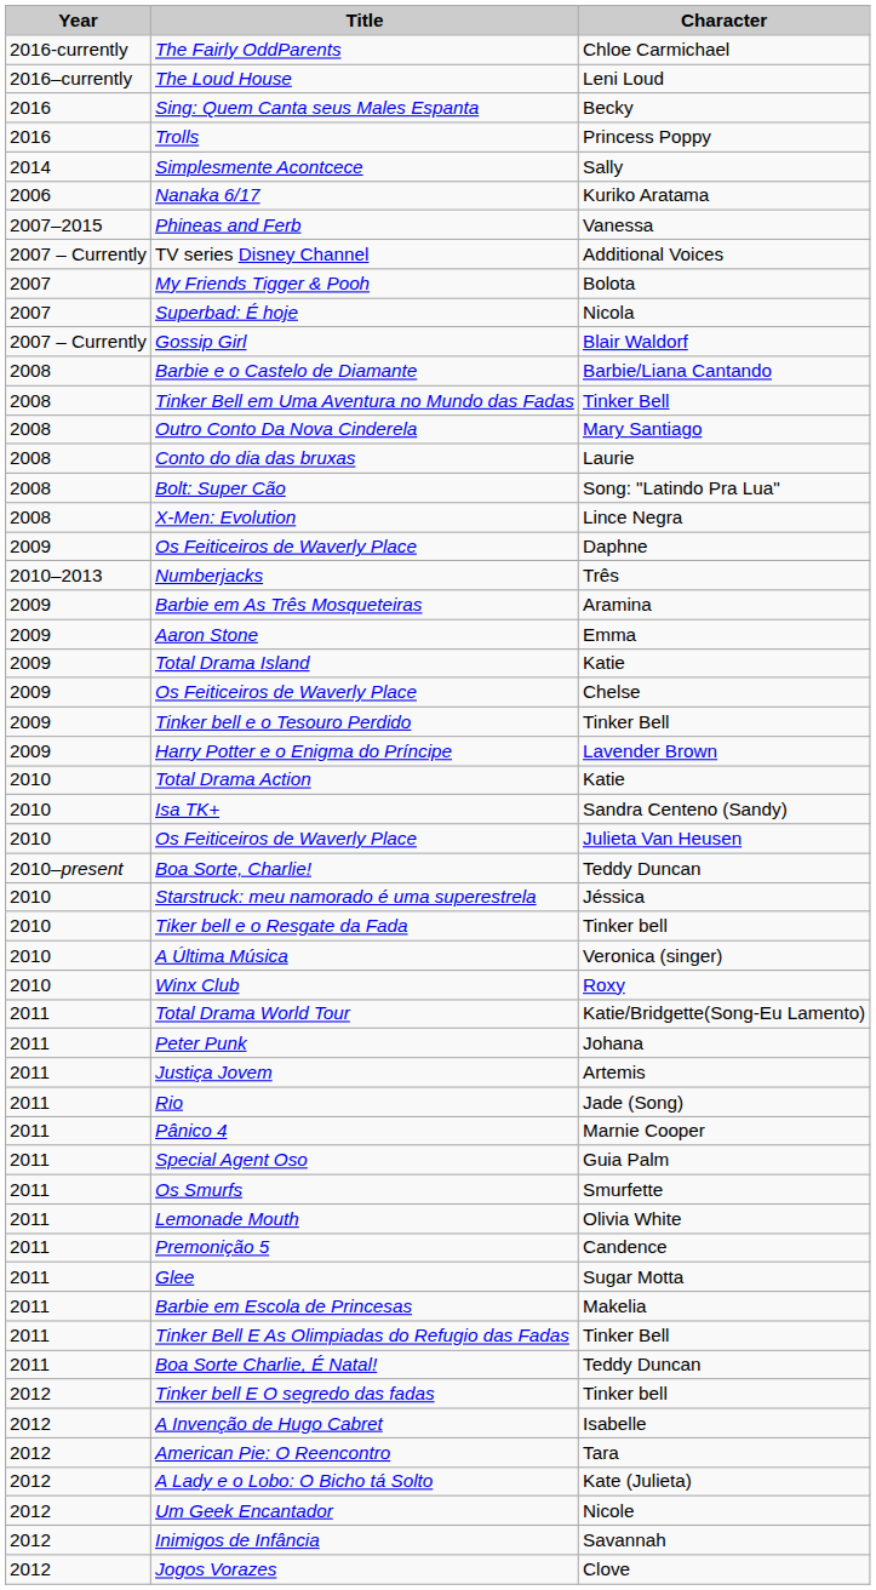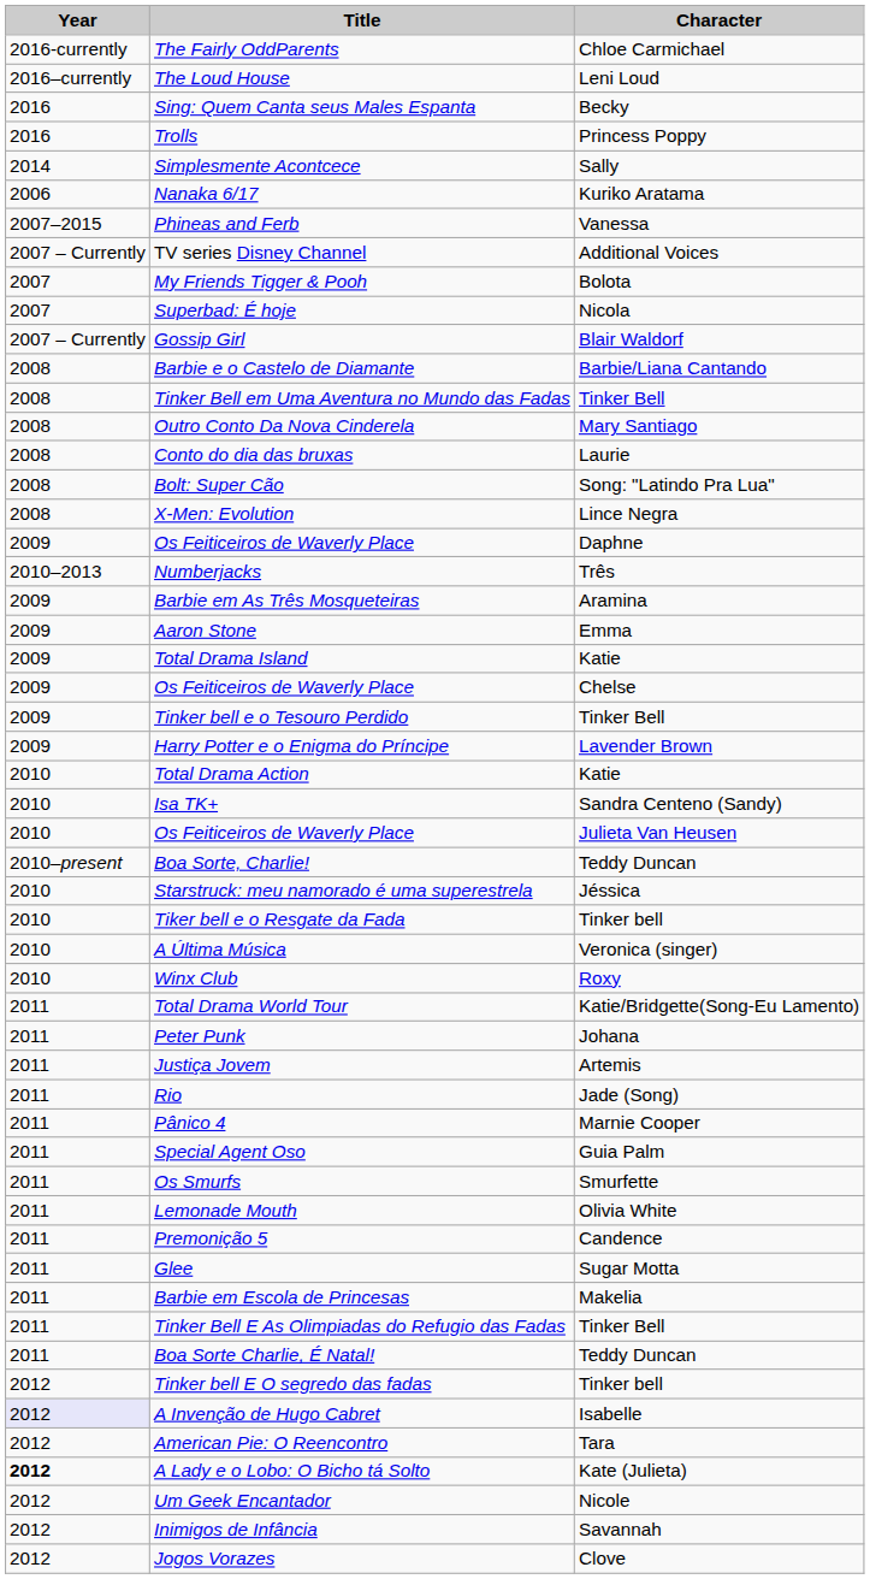 <table class="wikitable" style="font-size:90%">
 <tr style="text-align:center;">
 <th style="background:#ccc;">Year</th>
 <th style="background:#ccc;">Title</th>
 <th style="background:#ccc;">Character</th>
 </tr>
 <tr>
 <td>2016-currently</td>
 <td><em><a href='#'>The Fairly OddParents</a></em></td>
 <td>Chloe Carmichael</td>
 </tr>
 <tr>
 <td>2016–currently</td>
 <td><em><a href='#'>The Loud House</a></em></td>
 <td>Leni Loud</td>
 </tr>
 <tr>
 <td>2016</td>
 <td><em><a href='#'>Sing: Quem Canta seus Males Espanta</a></em></td>
 <td>Becky</td>
 </tr>
 <tr>
 <td>2016</td>
 <td><em><a href='#'>Trolls</a></em></td>
 <td>Princess Poppy</td>
 </tr>
 <tr>
 <td>2014</td>
 <td><em><a href='#'>Simplesmente Acontcece</a></em></td>
 <td>Sally</td>
 </tr>
 <tr>
 <td>2006</td>
 <td><em><a href='#'>Nanaka 6/17</a></em></td>
 <td>Kuriko Aratama</td>
 </tr>
 <tr>
 <td>2007–2015</td>
 <td><em><a href='#'>Phineas and Ferb</a></em></td>
 <td>Vanessa</td>
 </tr>
 <tr>
 <td>2007 – Currently</td>
 <td>TV series <a href='#'>Disney Channel</a></td>
 <td>Additional Voices</td>
 </tr>
 <tr>
 <td>2007</td>
 <td><em><a href='#'>My Friends Tigger & Pooh</a></em></td>
 <td>Bolota</td>
 </tr>
 <tr>
 <td>2007</td>
 <td><em><a href='#'>Superbad: É hoje</a></em></td>
 <td>Nicola</td>
 </tr>
 <tr>
 <td>2007 – Currently</td>
 <td><em><a href='#'>Gossip Girl</a></em></td>
 <td><a href='#'>Blair Waldorf</a></td>
 </tr>
 <tr>
 <td>2008</td>
 <td><em><a href='#'>Barbie e o Castelo de Diamante</a></em></td>
 <td><a href='#'>Barbie/Liana Cantando</a></td>
 </tr>
 <tr>
 <td>2008</td>
 <td><em><a href='#'>Tinker Bell em Uma Aventura no Mundo das Fadas</a></em></td>
 <td><a href='#'>Tinker Bell</a></td>
 </tr>
 <tr>
 <td>2008</td>
 <td><em><a href='#'>Outro Conto Da Nova Cinderela</a></em></td>
 <td><a href='#'>Mary Santiago</a></td>
 </tr>
 <tr>
 <td>2008</td>
 <td><em><a href='#'>Conto do dia das bruxas</a></em></td>
 <td>Laurie</td>
 </tr>
 <tr>
 <td>2008</td>
 <td><em><a href='#'>Bolt: Super Cão</a></em></td>
 <td>Song: "Latindo Pra Lua"</td>
 </tr>
 <tr>
 <td>2008</td>
 <td><em><a href='#'>X-Men: Evolution</a></em></td>
 <td>Lince Negra</td>
 </tr>
 <tr>
 <td>2009</td>
 <td><em><a href='#'>Os Feiticeiros de Waverly Place</a></em></td>
 <td>Daphne</td>
 </tr>
 <tr>
 <td>2010–2013</td>
 <td><em><a href='#'>Numberjacks</a> </em></td>
 <td>Três</td>
 </tr>
 <tr>
 <td>2009</td>
 <td><em><a href='#'>Barbie em As Três Mosqueteiras</a></em></td>
 <td>Aramina</td>
 </tr>
 <tr>
 <td>2009</td>
 <td><em><a href='#'>Aaron Stone</a></em></td>
 <td>Emma</td>
 </tr>
 <tr>
 <td>2009</td>
 <td><em><a href='#'>Total Drama Island</a></em></td>
 <td>Katie</td>
 </tr>
 <tr>
 <td>2009</td>
 <td><em><a href='#'>Os Feiticeiros de Waverly Place</a></em></td>
 <td>Chelse</td>
 </tr>
 <tr>
 <td>2009</td>
 <td><em> <a href='#'>Tinker bell e o Tesouro Perdido</a></em></td>
 <td>Tinker Bell</td>
 </tr>
 <tr>
 <td>2009</td>
 <td><em><a href='#'>Harry Potter e o Enigma do Príncipe</a></em></td>
 <td><a href='#'>Lavender Brown</a></td>
 </tr>
 <tr>
 <td>2010</td>
 <td><em><a href='#'>Total Drama Action</a></em></td>
 <td>Katie</td>
 </tr>
 <tr>
 <td>2010</td>
 <td><em><a href='#'>Isa TK+</a></em></td>
 <td>Sandra Centeno (Sandy)</td>
 </tr>
 <tr>
 <td>2010</td>
 <td><em><a href='#'>Os Feiticeiros de Waverly Place</a></em></td>
 <td><a href='#'>Julieta Van Heusen</a></td>
 </tr>
 <tr>
 <td>2010–<em>present</em></td>
 <td><em><a href='#'>Boa Sorte, Charlie!</a></em></td>
 <td>Teddy Duncan</td>
 </tr>
 <tr>
 <td>2010</td>
 <td><em><a href='#'>Starstruck: meu namorado é uma superestrela</a></em></td>
 <td>Jéssica</td>
 </tr>
 <tr>
 <td>2010</td>
 <td><em> <a href='#'>Tiker bell e o Resgate da Fada</a></em></td>
 <td>Tinker bell</td>
 </tr>
 <tr>
 <td>2010</td>
 <td><em><a href='#'>A Última Música</a></em></td>
 <td>Veronica (singer)</td>
 </tr>
 <tr>
 <td>2010</td>
 <td><em><a href='#'>Winx Club</a></em></td>
 <td><a href='#'>Roxy</a></td>
 </tr>
 <tr>
 <td>2011</td>
 <td><em><a href='#'>Total Drama World Tour</a></em></td>
 <td>Katie/Bridgette(Song-Eu Lamento)</td>
 </tr>
 <tr>
 <td>2011</td>
 <td><em><a href='#'>Peter Punk</a></em></td>
 <td>Johana</td>
 </tr>
 <tr>
 <td>2011</td>
 <td><em><a href='#'>Justiça Jovem</a></em></td>
 <td>Artemis</td>
 </tr>
 <tr>
 <td>2011</td>
 <td><em><a href='#'>Rio</a></em></td>
 <td>Jade (Song)</td>
 </tr>
 <tr>
 <td>2011</td>
 <td><em><a href='#'>Pânico 4</a></em></td>
 <td>Marnie Cooper</td>
 </tr>
 <tr>
 <td>2011</td>
 <td><em><a href='#'>Special Agent Oso</a></em></td>
 <td>Guia Palm</td>
 </tr>
 <tr>
 <td>2011</td>
 <td><em><a href='#'>Os Smurfs</a></em></td>
 <td>Smurfette</td>
 </tr>
 <tr>
 <td>2011</td>
 <td><em><a href='#'>Lemonade Mouth</a></em></td>
 <td>Olivia White</td>
 </tr>
 <tr>
 <td>2011</td>
 <td><em><a href='#'>Premonição 5</a></em></td>
 <td>Candence</td>
 </tr>
 <tr>
 <td>2011</td>
 <td><em><a href='#'>Glee</a></em></td>
 <td>Sugar Motta</td>
 </tr>
 <tr>
 <td>2011</td>
 <td><em><a href='#'>Barbie em Escola de Princesas</a></em></td>
 <td>Makelia</td>
 </tr>
 <tr>
 <td>2011</td>
 <td><em> <a href='#'>Tinker Bell E As Olimpiadas do Refugio das Fadas</a></em></td>
 <td>Tinker Bell</td>
 </tr>
 <tr>
 <td>2011</td>
 <td><em> <a href='#'>Boa Sorte Charlie, É Natal!</a></em></td>
 <td>Teddy Duncan</td>
 </tr>
 <tr>
 <td>2012</td>
 <td><em> <a href='#'>Tinker bell E O segredo das fadas</a></em></td>
 <td>Tinker bell</td>
 </tr>
 <tr>
-<td>2012</td>
+<td style="background: lavender;">2012</td>
 <td><em> <a href='#'>A Invenção de Hugo Cabret</a></em></td>
 <td>Isabelle</td>
 </tr>
 <tr>
 <td>2012</td>
 <td><em> <a href='#'>American Pie: O Reencontro</a></em></td>
 <td>Tara</td>
 </tr>
 <tr>
-<td>2012</td>
+<td><strong>2012</strong></td>
 <td><em> <a href='#'>A Lady e o Lobo: O Bicho tá Solto</a></em></td>
 <td>Kate (Julieta)</td>
 </tr>
 <tr>
 <td>2012</td>
 <td><em> <a href='#'>Um Geek Encantador</a></em></td>
 <td>Nicole</td>
 </tr>
 <tr>
 <td>2012</td>
 <td><em> <a href='#'>Inimigos de Infância</a></em></td>
 <td>Savannah</td>
 </tr>
 <tr>
 <td>2012</td>
 <td><em> <a href='#'>Jogos Vorazes</a></em></td>
 <td>Clove</td>
 </tr>
 </table>
